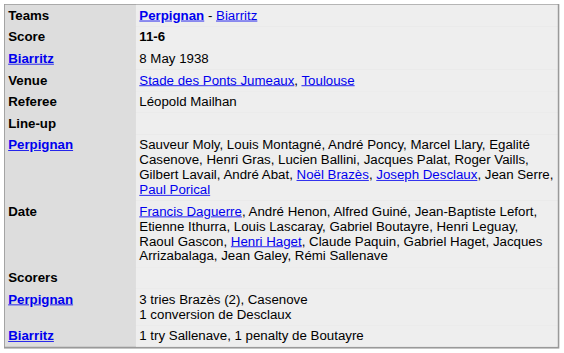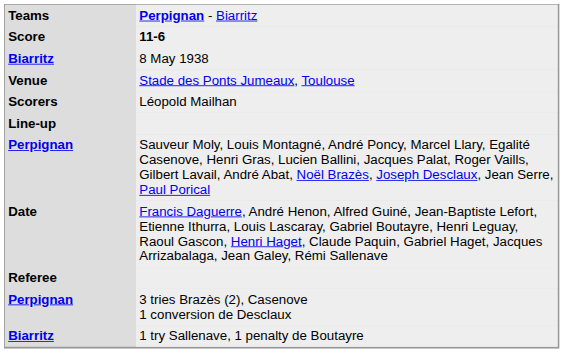 <table align="left" cellpadding="4" cellspacing="0"  style="margin: 0 0 0 0; border: 1px solid #999; border-right-width: 2px; border-bottom-width: 2px; background-color: #DDDDDD">
 <tr>
 <td width="150" valign="top"><strong>Teams</strong></td>
 <td width="500" bgcolor=#EEEEEE><strong><a href='#'>Perpignan</a></strong> - <a href='#'>Biarritz</a></td>
 </tr>
 <tr>
 <td valign="top"><strong>Score</strong></td>
 <td bgcolor=#EEEEEE><strong>11-6</strong></td>
 </tr>
 <tr>
 <td valign="top"><strong><a href='#'>Biarritz</a> </strong></td>
 <td bgcolor=#EEEEEE>8 May 1938</td>
 </tr>
 <tr>
 <td valign="top"><strong>Venue</strong></td>
 <td bgcolor=#EEEEEE><a href='#'>Stade des Ponts Jumeaux</a>, <a href='#'>Toulouse</a></td>
 </tr>
 <tr>
-<td valign="top"><strong>Referee</strong></td>
+<td valign="top"><strong>Scorers</strong></td>
 <td bgcolor=#EEEEEE>Léopold Mailhan</td>
 </tr>
 <tr>
 <td valign="top"><strong>Line-up</strong></td>
 <td bgcolor=#EEEEEE></td>
 </tr>
 <tr>
 <td valign="top"><strong><a href='#'>Perpignan</a> </strong></td>
 <td bgcolor=#EEEEEE>Sauveur Moly, Louis Montagné, André Poncy, Marcel Llary, Egalité Casenove, Henri Gras, Lucien Ballini, Jacques Palat, Roger Vaills, Gilbert Lavail, André Abat, <a href='#'>Noël Brazès</a>, <a href='#'>Joseph Desclaux</a>, Jean Serre, <a href='#'>Paul Porical</a></td>
 </tr>
 <tr>
 <td valign="top"><strong>Date</strong></td>
 <td bgcolor=#EEEEEE><a href='#'>Francis Daguerre</a>, André Henon, Alfred Guiné, Jean-Baptiste Lefort, Etienne Ithurra, Louis Lascaray, Gabriel Boutayre, Henri Leguay, Raoul Gascon, <a href='#'>Henri Haget</a>, Claude Paquin, Gabriel Haget, Jacques Arrizabalaga, Jean Galey, Rémi Sallenave</td>
 </tr>
 <tr>
-<td valign="top"><strong>Scorers</strong></td>
+<td valign="top"><strong>Referee</strong></td>
 <td bgcolor=#EEEEEE></td>
 </tr>
 <tr>
 <td valign="top"><strong> <a href='#'>Perpignan</a> </strong></td>
 <td bgcolor=#EEEEEE>3 tries Brazès (2), Casenove<br> 1 conversion de Desclaux</td>
 </tr>
 <tr>
 <td valign="top"><strong><a href='#'>Biarritz</a> </strong></td>
 <td bgcolor=#EEEEEE>1 try Sallenave, 1 penalty de Boutayre</td>
 </tr>
 </table>
